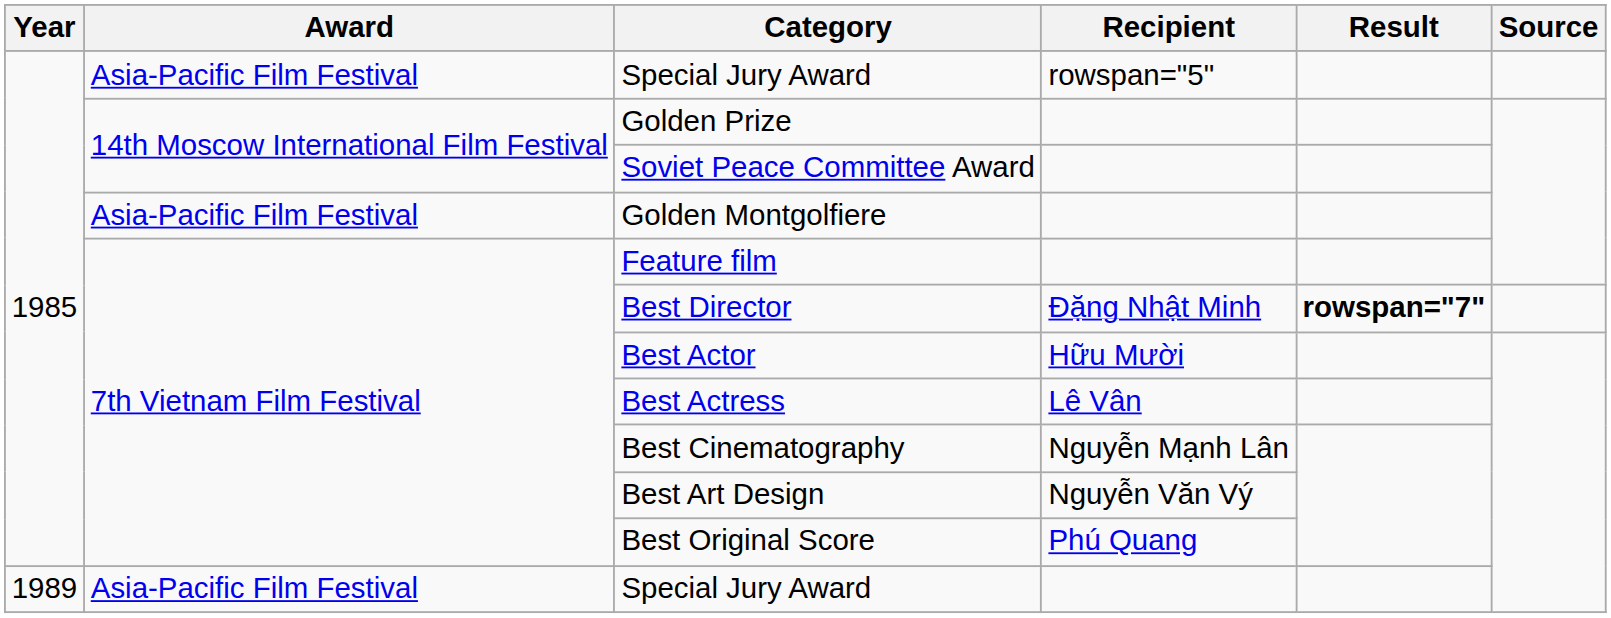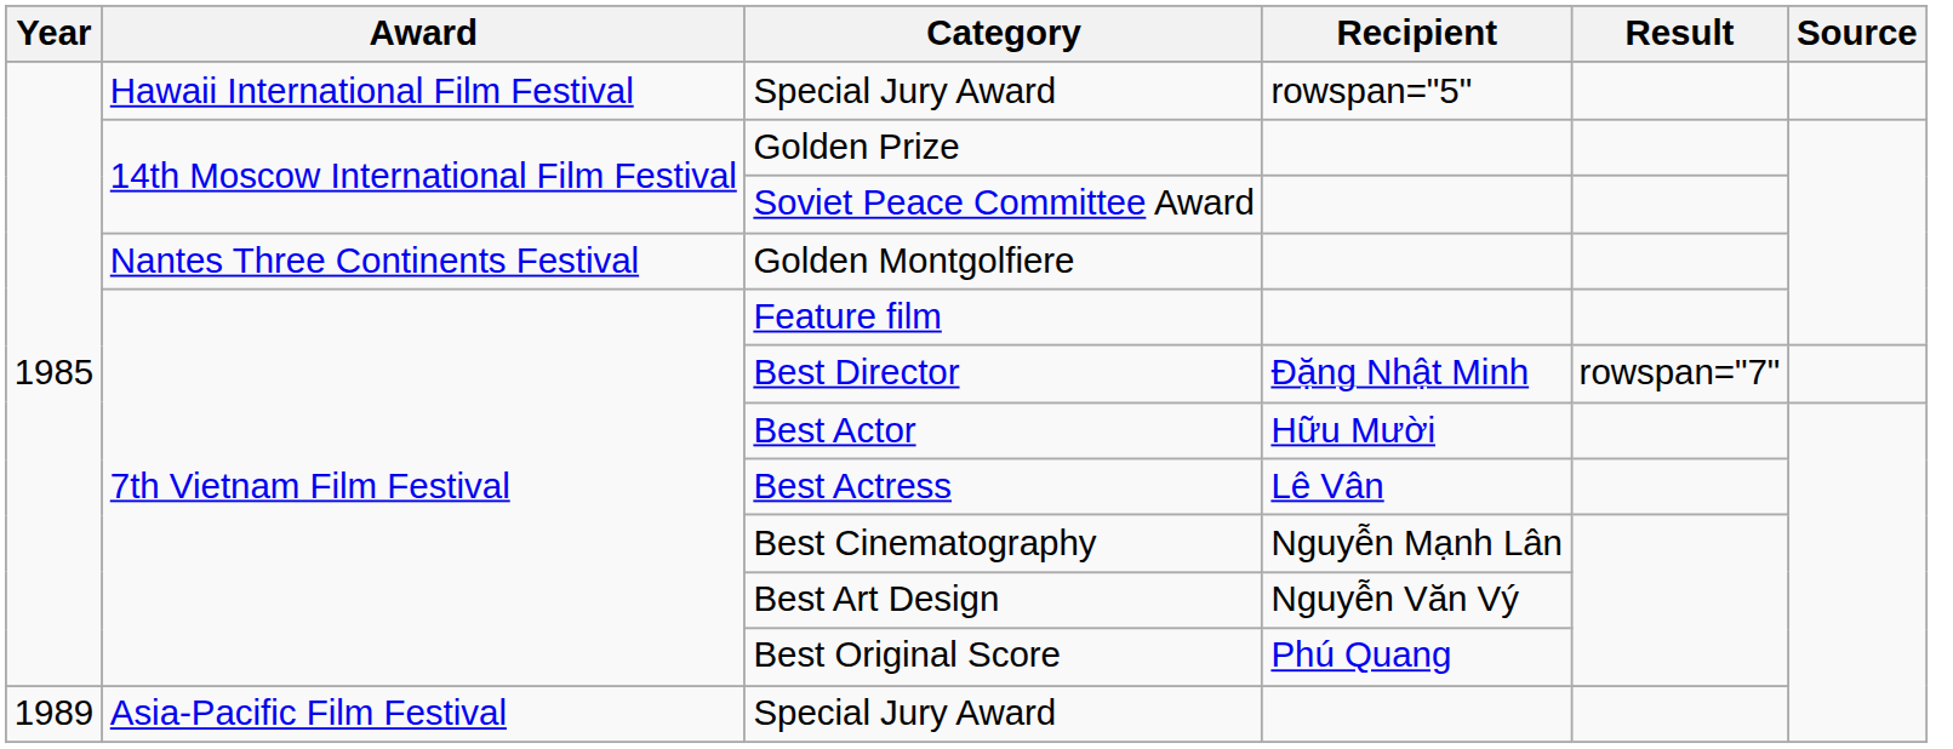 <table class="wikitable">
 <tr>
 <th>Year</th>
 <th>Award</th>
 <th>Category</th>
 <th>Recipient</th>
 <th>Result</th>
 <th>Source</th>
 </tr>
 <tr>
 <td rowspan="11">1985</td>
-<td><a href='#'>Asia-Pacific Film Festival</a></td>
+<td><a href='#'>Hawaii International Film Festival</a></td>
 <td>Special Jury Award</td>
 <td>rowspan="5" </td>
 <td></td>
 <td></td>
 </tr>
 <tr>
 <td rowspan="2"><a href='#'>14th Moscow International Film Festival</a></td>
 <td>Golden Prize</td>
 <td></td>
 <td></td>
 </tr>
 <tr>
 <td><a href='#'>Soviet Peace Committee</a> Award</td>
 <td></td>
 <td></td>
 </tr>
 <tr>
-<td><a href='#'>Asia-Pacific Film Festival</a></td>
+<td><a href='#'>Nantes Three Continents Festival</a></td>
 <td rowspan="1">Golden Montgolfiere</td>
 <td></td>
 <td></td>
 </tr>
 <tr>
 <td rowspan="7"><a href='#'>7th Vietnam Film Festival</a></td>
 <td><a href='#'>Feature film</a></td>
 <td></td>
 <td></td>
 </tr>
 <tr>
 <td><a href='#'>Best Director</a></td>
 <td><a href='#'>Đặng Nhật Minh</a></td>
-<td><strong>rowspan="7" </strong></td>
+<td>rowspan="7" </td>
 <td></td>
 </tr>
 <tr>
 <td><a href='#'>Best Actor</a></td>
 <td><a href='#'>Hữu Mười</a></td>
 <td></td>
 </tr>
 <tr>
 <td><a href='#'>Best Actress</a></td>
 <td><a href='#'>Lê Vân</a></td>
 <td></td>
 </tr>
 <tr>
 <td>Best Cinematography</td>
 <td>Nguyễn Mạnh Lân</td>
 <td rowspan="3"></td>
 </tr>
 <tr>
 <td>Best Art Design</td>
 <td>Nguyễn Văn Vý</td>
 </tr>
 <tr>
 <td>Best Original Score</td>
 <td><a href='#'>Phú Quang</a></td>
 </tr>
 <tr>
 <td>1989</td>
 <td><a href='#'>Asia-Pacific Film Festival</a></td>
 <td>Special Jury Award</td>
 <td></td>
 <td></td>
 </tr>
 </table>
